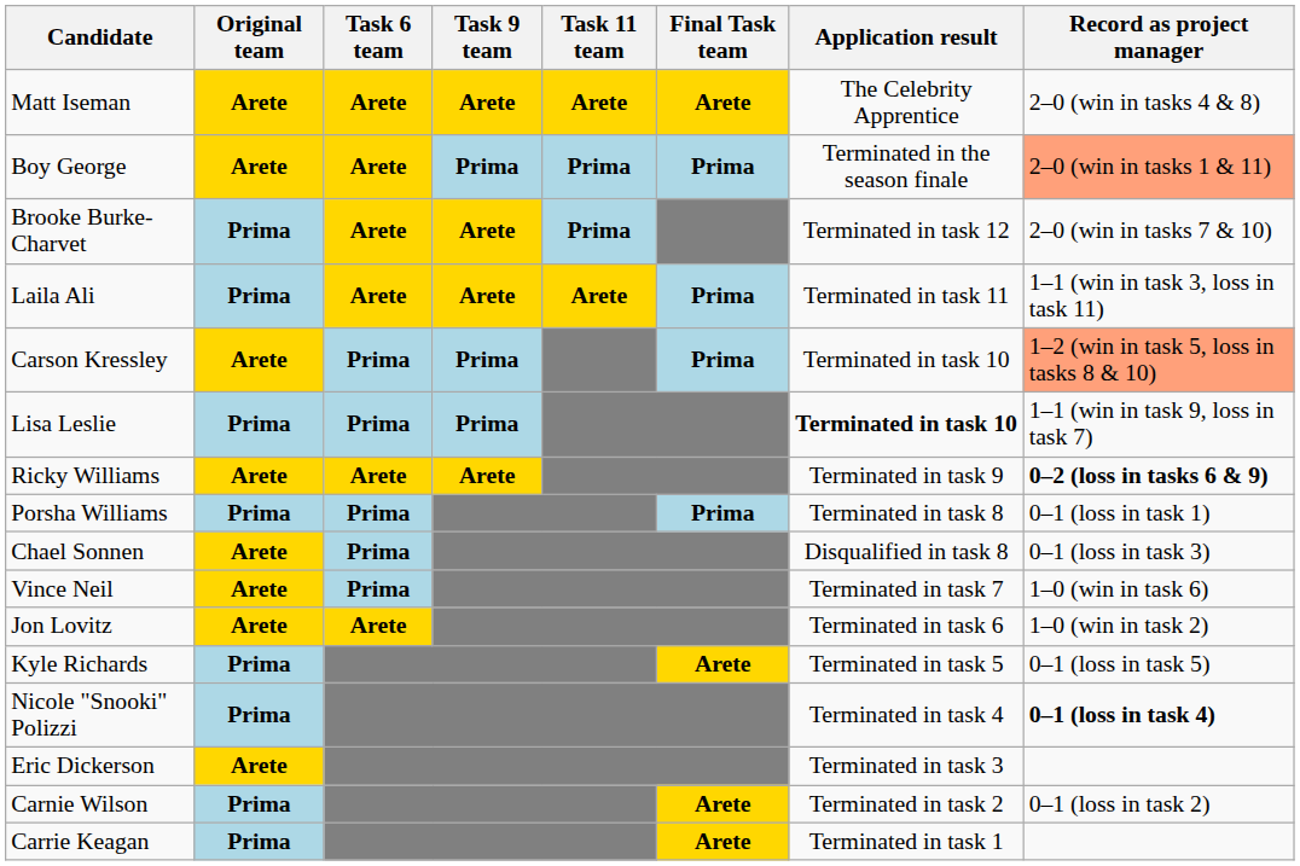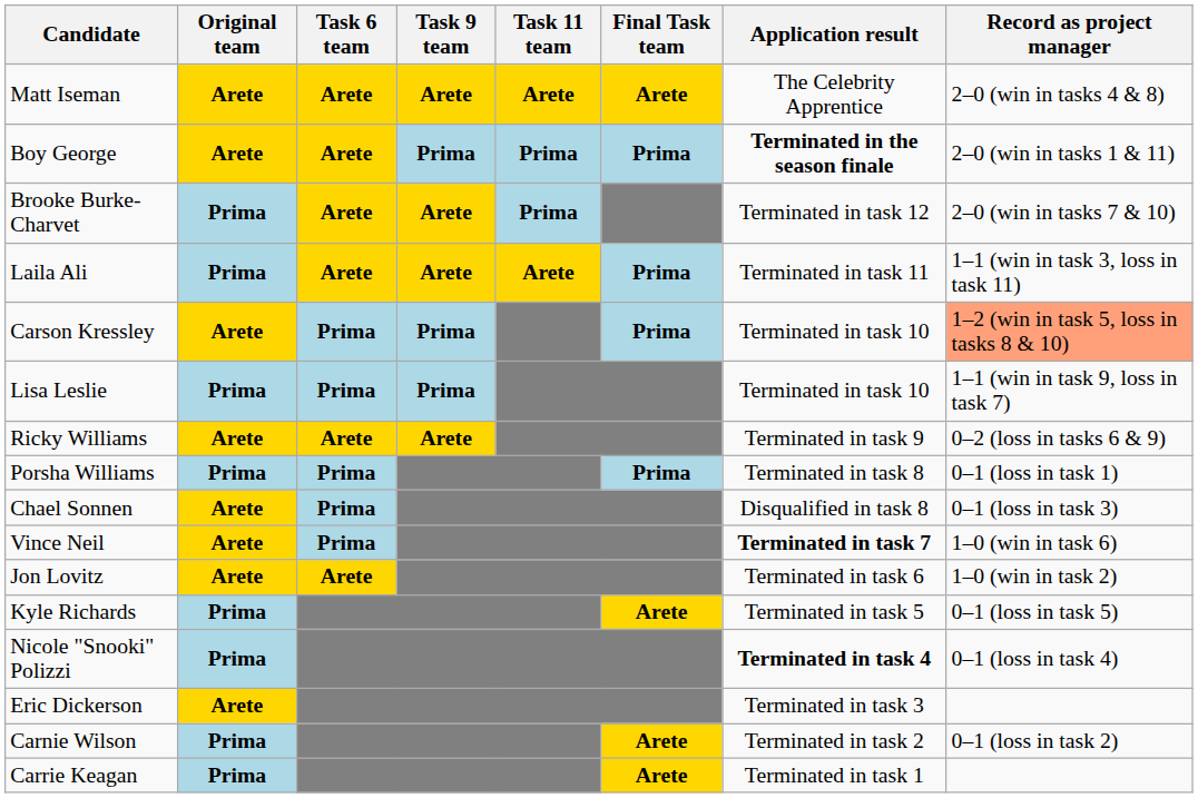 <table class="wikitable">
 <tr>
 <th bgcolor="gray">Candidate</th>
 <th bgcolor="gray">Original team</th>
 <th bgcolor="gray">Task 6 team</th>
 <th bgcolor="gray">Task 9 team</th>
 <th bgcolor="gray">Task 11 team</th>
 <th bgcolor="gray">Final Task team</th>
 <th bgcolor="gray">Application result</th>
 <th bgcolor="gray">Record as project manager</th>
 </tr>
 <tr>
 <td>Matt Iseman</td>
 <td style="text-align:center; background:gold;"><strong>Arete</strong></td>
 <td style="text-align:center; background:gold;"><strong>Arete</strong></td>
 <td style="text-align:center; background:gold;"><strong>Arete</strong></td>
 <td style="text-align:center; background:gold;"><strong>Arete</strong></td>
 <td style="text-align:center; background:gold;"><strong>Arete</strong></td>
 <td style="text-align:center;">The Celebrity Apprentice</td>
 <td>2–0 (win in tasks 4 & 8)</td>
 </tr>
 <tr>
 <td>Boy George</td>
 <td style="text-align:center; background:gold;"><strong>Arete</strong></td>
 <td style="text-align:center; background:gold;"><strong>Arete</strong></td>
 <td style="text-align:center; background:lightblue;"><strong>Prima</strong></td>
 <td style="text-align:center; background:lightblue;"><strong>Prima</strong></td>
 <td style="text-align:center; background:lightblue;"><strong>Prima</strong></td>
-<td style="text-align:center;">Terminated in the season finale</td>
-<td style="background: lightsalmon;">2–0 (win in tasks 1 & 11)</td>
+<td style="text-align:center;"><strong>Terminated in the season finale</strong></td>
+<td>2–0 (win in tasks 1 & 11)</td>
 </tr>
 <tr>
 <td>Brooke Burke-Charvet</td>
 <td style="text-align:center; background:lightblue;"><strong>Prima</strong></td>
 <td style="text-align:center; background:gold;"><strong>Arete</strong></td>
 <td style="text-align:center; background:gold;"><strong>Arete</strong></td>
 <td style="text-align:center; background:lightblue;"><strong>Prima</strong></td>
 <td colspan="1" style="background:gray;"></td>
 <td style="text-align:center;">Terminated in task 12</td>
 <td>2–0 (win in tasks 7 & 10)</td>
 </tr>
 <tr>
 <td>Laila Ali</td>
 <td style="text-align:center; background:lightblue;"><strong>Prima</strong></td>
 <td style="text-align:center; background:gold;"><strong>Arete</strong></td>
 <td style="text-align:center; background:gold;"><strong>Arete</strong></td>
 <td style="text-align:center; background:gold;"><strong>Arete</strong></td>
 <td style="text-align:center; background:lightblue;"><strong>Prima</strong></td>
 <td style="text-align:center;">Terminated in task 11</td>
 <td>1–1 (win in task 3, loss in task 11)</td>
 </tr>
 <tr>
 <td>Carson Kressley</td>
 <td style="text-align:center; background:gold;"><strong>Arete</strong></td>
 <td style="text-align:center; background:lightblue;"><strong>Prima</strong></td>
 <td style="text-align:center; background:lightblue;"><strong>Prima</strong></td>
 <td colspan="1" style="background:gray;"></td>
 <td style="text-align:center; background:lightblue;"><strong>Prima</strong></td>
 <td style="text-align:center;">Terminated in task 10</td>
 <td style="background: lightsalmon;">1–2 (win in task 5, loss in tasks 8 & 10)</td>
 </tr>
 <tr>
 <td>Lisa Leslie</td>
 <td style="text-align:center; background:lightblue;"><strong>Prima</strong></td>
 <td style="text-align:center; background:lightblue;"><strong>Prima</strong></td>
 <td style="text-align:center; background:lightblue;"><strong>Prima</strong></td>
 <td colspan="2" style="background:gray;"></td>
-<td style="text-align:center;"><strong>Terminated in task 10</strong></td>
+<td style="text-align:center;">Terminated in task 10</td>
 <td>1–1 (win in task 9, loss in task 7)</td>
 </tr>
 <tr>
 <td>Ricky Williams</td>
 <td style="text-align:center; background:gold;"><strong>Arete</strong></td>
 <td style="text-align:center; background:gold;"><strong>Arete</strong></td>
 <td style="text-align:center; background:gold;"><strong>Arete</strong></td>
 <td colspan="2" style="background:gray;"></td>
 <td style="text-align:center;">Terminated in task 9</td>
-<td><strong>0–2 (loss in tasks 6 & 9)</strong></td>
+<td>0–2 (loss in tasks 6 & 9)</td>
 </tr>
 <tr>
 <td>Porsha Williams</td>
 <td style="text-align:center; background:lightblue;"><strong>Prima</strong></td>
 <td style="text-align:center; background:lightblue;"><strong>Prima</strong></td>
 <td colspan="2" style="background:gray;"></td>
 <td style="text-align:center; background:lightblue;"><strong>Prima</strong></td>
 <td style="text-align:center;">Terminated in task 8</td>
 <td>0–1 (loss in task 1)</td>
 </tr>
 <tr>
 <td>Chael Sonnen</td>
 <td style="text-align:center; background:gold;"><strong>Arete</strong></td>
 <td style="text-align:center; background:lightblue;"><strong>Prima</strong></td>
 <td colspan="3" style="background:gray;"></td>
 <td style="text-align:center;">Disqualified in task 8</td>
 <td>0–1 (loss in task 3)</td>
 </tr>
 <tr>
 <td>Vince Neil</td>
 <td style="text-align:center; background:gold;"><strong>Arete</strong></td>
 <td style="text-align:center; background:lightblue;"><strong>Prima</strong></td>
 <td colspan="3" style="background:gray;"></td>
-<td style="text-align:center;">Terminated in task 7</td>
+<td style="text-align:center;"><strong>Terminated in task 7</strong></td>
 <td>1–0 (win in task 6)</td>
 </tr>
 <tr>
 <td>Jon Lovitz</td>
 <td style="text-align:center; background:gold;"><strong>Arete</strong></td>
 <td style="text-align:center; background:gold;"><strong>Arete</strong></td>
 <td colspan="3" style="background:gray;"></td>
 <td style="text-align:center;">Terminated in task 6</td>
 <td>1–0 (win in task 2)</td>
 </tr>
 <tr>
 <td>Kyle Richards</td>
 <td style="text-align:center; background:lightblue;"><strong>Prima</strong></td>
 <td colspan="3" style="background:gray;"></td>
 <td style="text-align:center; background:gold;"><strong>Arete</strong></td>
 <td style="text-align:center;">Terminated in task 5</td>
 <td>0–1 (loss in task 5)</td>
 </tr>
 <tr>
 <td>Nicole "Snooki" Polizzi</td>
 <td style="text-align:center; background:lightblue;"><strong>Prima</strong></td>
 <td colspan="4" style="background:gray;"></td>
-<td style="text-align:center;">Terminated in task 4</td>
-<td><strong>0–1 (loss in task 4)</strong></td>
+<td style="text-align:center;"><strong>Terminated in task 4</strong></td>
+<td>0–1 (loss in task 4)</td>
 </tr>
 <tr>
 <td>Eric Dickerson</td>
 <td style="text-align:center; background:gold;"><strong>Arete</strong></td>
 <td colspan="4" style="background:gray;"></td>
 <td style="text-align:center;">Terminated in task 3</td>
 <td></td>
 </tr>
 <tr>
 <td>Carnie Wilson</td>
 <td style="text-align:center; background:lightblue;"><strong>Prima</strong></td>
 <td colspan="3" style="background:gray;"></td>
 <td style="text-align:center; background:gold;"><strong>Arete</strong></td>
 <td style="text-align:center;">Terminated in task 2</td>
 <td>0–1 (loss in task 2)</td>
 </tr>
 <tr>
 <td>Carrie Keagan</td>
 <td style="text-align:center; background:lightblue;"><strong>Prima</strong></td>
 <td colspan="3" style="background:gray;"></td>
 <td style="text-align:center; background:gold;"><strong>Arete</strong></td>
 <td style="text-align:center;">Terminated in task 1</td>
 <td></td>
 </tr>
 </table>
